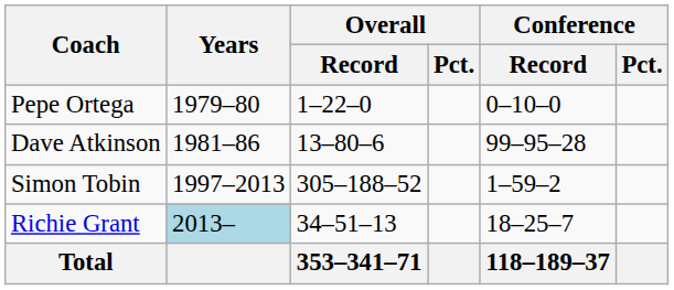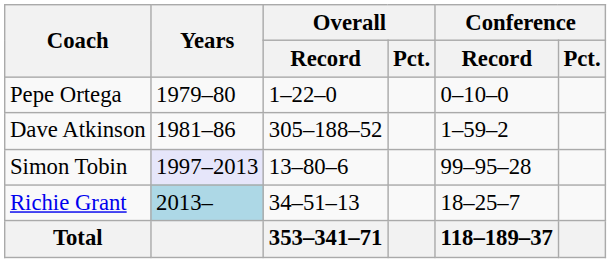 <table class="wikitable">
 <tr>
 <th rowspan=2>Coach</th>
 <th rowspan=2>Years</th>
 <th colspan="2">Overall</th>
 <th colspan="2">Conference</th>
 </tr>
 <tr>
 <th>Record</th>
 <th>Pct.</th>
 <th>Record</th>
 <th>Pct.</th>
 </tr>
 <tr>
 <td>Pepe Ortega</td>
 <td>1979–80</td>
 <td>1–22–0</td>
 <td></td>
 <td>0–10–0</td>
 <td></td>
 </tr>
 <tr>
 <td>Dave Atkinson</td>
 <td>1981–86</td>
-<td>13–80–6</td>
+<td>305–188–52</td>
 <td></td>
-<td>99–95–28</td>
+<td>1–59–2</td>
 <td></td>
 </tr>
 <tr>
 <td>Simon Tobin</td>
-<td>1997–2013</td>
-<td>305–188–52</td>
+<td style="background: lavender;">1997–2013</td>
+<td>13–80–6</td>
 <td></td>
-<td>1–59–2</td>
+<td>99–95–28</td>
 <td></td>
 </tr>
 <tr>
 <td><a href='#'>Richie Grant</a></td>
 <td style="background: lightblue;">2013–</td>
 <td>34–51–13</td>
 <td></td>
 <td>18–25–7</td>
 <td></td>
 </tr>
 <tr>
 <th>Total</th>
 <th></th>
 <th>353–341–71</th>
 <th></th>
 <th>118–189–37</th>
 <th></th>
 </tr>
 </table>
